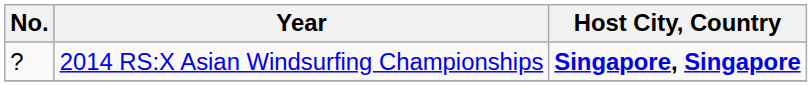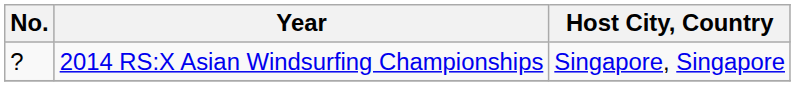 <table class="wikitable">
 <tr>
 <th>No.</th>
 <th>Year</th>
 <th>Host City, Country</th>
 </tr>
 <tr>
 <td>?</td>
 <td><a href='#'>2014 RS:X Asian Windsurfing Championships</a></td>
-<td><strong> <a href='#'>Singapore</a>, <a href='#'>Singapore</a></strong></td>
+<td> <a href='#'>Singapore</a>, <a href='#'>Singapore</a></td>
 </tr>
 <tr>
 </tr>
 </table>
